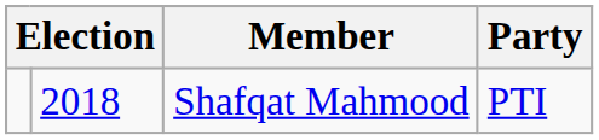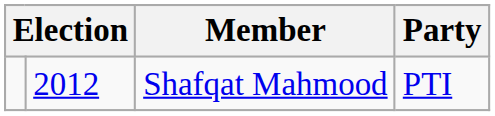 <table class="wikitable">
 <tr>
 <th colspan="2">Election</th>
 <th>Member</th>
 <th>Party</th>
 </tr>
 <tr>
 <td style="background-color: "></td>
-<td><a href='#'>2018</a></td>
+<td><a href='#'>2012</a></td>
 <td><a href='#'>Shafqat Mahmood</a></td>
 <td><a href='#'>PTI</a></td>
 </tr>
 </table>
